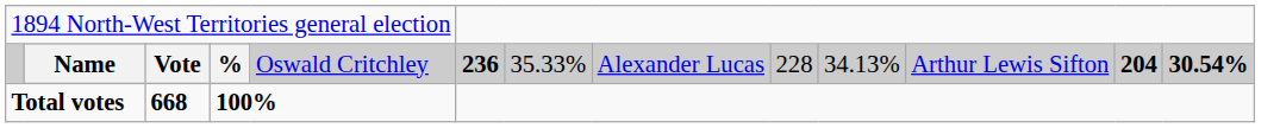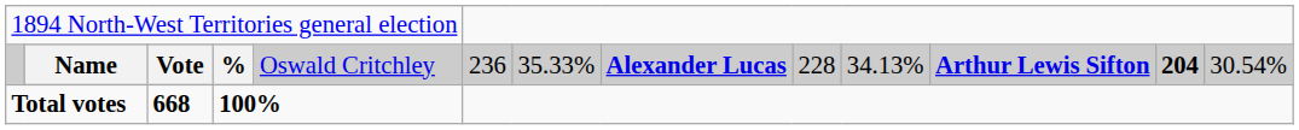 <table class="wikitable">
 <tr>
 <td colspan=5 align=center><a href='#'>1894 North-West Territories general election</a></td>
 </tr>
 <tr bgcolor="CCCCCC">
 <td></td>
 <th>Name</th>
 <th>Vote</th>
 <th>%<br></th>
 <td><a href='#'>Oswald Critchley</a></td>
-<td><strong>236</strong></td>
+<td>236</td>
 <td>35.33%<br></td>
-<td><a href='#'>Alexander Lucas</a></td>
+<td><strong><a href='#'>Alexander Lucas</a></strong></td>
 <td>228</td>
 <td>34.13%<br></td>
-<td><a href='#'>Arthur Lewis Sifton</a></td>
+<td><strong><a href='#'>Arthur Lewis Sifton</a></strong></td>
 <td><strong>204</strong></td>
-<td><strong>30.54%</strong></td>
+<td>30.54%</td>
 </tr>
 <tr>
 <td colspan=2><strong>Total votes</strong></td>
 <td><strong>668</strong></td>
 <td colspan=2 alignment="left"><strong>100%</strong></td>
 </tr>
 </table>
